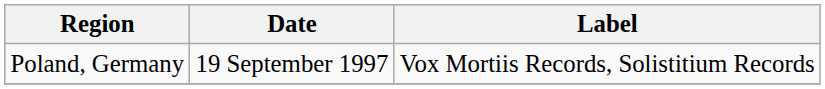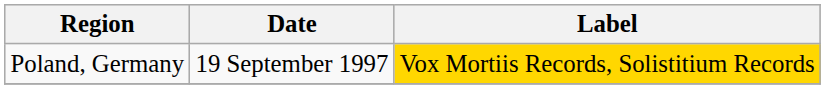 <table class="wikitable plainrowheaders">
 <tr>
 <th scope="col">Region</th>
 <th scope="col">Date</th>
 <th scope="col">Label</th>
 </tr>
 <tr>
 <td>Poland, Germany</td>
 <td>19 September 1997</td>
-<td>Vox Mortiis Records, Solistitium Records</td>
+<td style="background: gold;">Vox Mortiis Records, Solistitium Records</td>
 </tr>
 <tr>
 </tr>
 </table>
